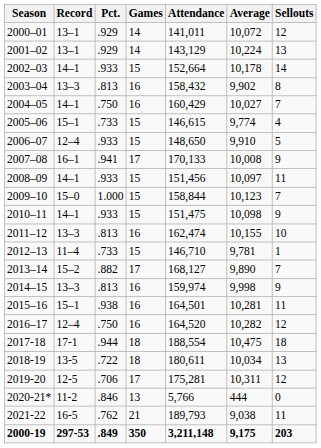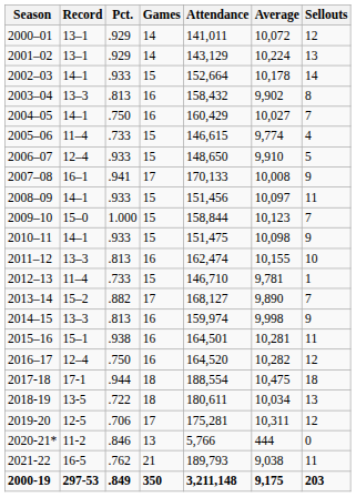 <table class="wikitable sortable">
 <tr>
 <th>Season</th>
 <th>Record</th>
 <th>Pct.</th>
 <th>Games</th>
 <th>Attendance</th>
 <th>Average</th>
 <th>Sellouts</th>
 </tr>
 <tr>
 <td>2000–01</td>
 <td>13–1</td>
 <td>.929</td>
 <td>14</td>
 <td>141,011</td>
 <td>10,072</td>
 <td>12</td>
 </tr>
 <tr>
 <td>2001–02</td>
 <td>13–1</td>
 <td>.929</td>
 <td>14</td>
 <td>143,129</td>
 <td>10,224</td>
 <td>13</td>
 </tr>
 <tr>
 <td>2002–03</td>
 <td>14–1</td>
 <td>.933</td>
 <td>15</td>
 <td>152,664</td>
 <td>10,178</td>
 <td>14</td>
 </tr>
 <tr>
 <td>2003–04</td>
 <td>13–3</td>
 <td>.813</td>
 <td>16</td>
 <td>158,432</td>
 <td>9,902</td>
 <td>8</td>
 </tr>
 <tr>
 <td>2004–05</td>
 <td>14–1</td>
 <td>.750</td>
 <td>16</td>
 <td>160,429</td>
 <td>10,027</td>
 <td>7</td>
 </tr>
 <tr>
 <td>2005–06</td>
-<td>15–1</td>
+<td>11–4</td>
 <td>.733</td>
 <td>15</td>
 <td>146,615</td>
 <td>9,774</td>
 <td>4</td>
 </tr>
 <tr>
 <td>2006–07</td>
 <td>12–4</td>
 <td>.933</td>
 <td>15</td>
 <td>148,650</td>
 <td>9,910</td>
 <td>5</td>
 </tr>
 <tr>
 <td>2007–08</td>
 <td>16–1</td>
 <td>.941</td>
 <td>17</td>
 <td>170,133</td>
 <td>10,008</td>
 <td>9</td>
 </tr>
 <tr>
 <td>2008–09</td>
 <td>14–1</td>
 <td>.933</td>
 <td>15</td>
 <td>151,456</td>
 <td>10,097</td>
 <td>11</td>
 </tr>
 <tr>
 <td>2009–10</td>
 <td>15–0</td>
 <td>1.000</td>
 <td>15</td>
 <td>158,844</td>
 <td>10,123</td>
 <td>7</td>
 </tr>
 <tr>
 <td>2010–11</td>
 <td>14–1</td>
 <td>.933</td>
 <td>15</td>
 <td>151,475</td>
 <td>10,098</td>
 <td>9</td>
 </tr>
 <tr>
 <td>2011–12</td>
 <td>13–3</td>
 <td>.813</td>
 <td>16</td>
 <td>162,474</td>
 <td>10,155</td>
 <td>10</td>
 </tr>
 <tr>
 <td>2012–13</td>
 <td>11–4</td>
 <td>.733</td>
 <td>15</td>
 <td>146,710</td>
 <td>9,781</td>
 <td>1</td>
 </tr>
 <tr>
 <td>2013–14</td>
 <td>15–2</td>
 <td>.882</td>
 <td>17</td>
 <td>168,127</td>
 <td>9,890</td>
 <td>7</td>
 </tr>
 <tr>
 <td>2014–15</td>
 <td>13–3</td>
 <td>.813</td>
 <td>16</td>
 <td>159,974</td>
 <td>9,998</td>
 <td>9</td>
 </tr>
 <tr>
 <td>2015–16</td>
 <td>15–1</td>
 <td>.938</td>
 <td>16</td>
 <td>164,501</td>
 <td>10,281</td>
 <td>11</td>
 </tr>
 <tr>
 <td>2016–17</td>
 <td>12–4</td>
 <td>.750</td>
 <td>16</td>
 <td>164,520</td>
 <td>10,282</td>
 <td>12</td>
 </tr>
 <tr>
 <td>2017-18</td>
 <td>17-1</td>
 <td>.944</td>
 <td>18</td>
 <td>188,554</td>
 <td>10,475</td>
 <td>18</td>
 </tr>
 <tr>
 <td>2018-19</td>
 <td>13-5</td>
 <td>.722</td>
 <td>18</td>
 <td>180,611</td>
 <td>10,034</td>
 <td>13</td>
 </tr>
 <tr>
 <td>2019-20</td>
 <td>12-5</td>
 <td>.706</td>
 <td>17</td>
 <td>175,281</td>
 <td>10,311</td>
 <td>12</td>
 </tr>
 <tr>
 <td>2020-21*</td>
 <td>11-2</td>
 <td>.846</td>
 <td>13</td>
 <td>5,766</td>
 <td>444</td>
 <td>0</td>
 </tr>
 <tr>
 <td>2021-22</td>
 <td>16-5</td>
 <td>.762</td>
 <td>21</td>
 <td>189,793</td>
 <td>9,038</td>
 <td>11</td>
 </tr>
 <tr>
 <td><strong>2000-19</strong></td>
 <td><strong>297-53</strong></td>
 <td><strong>.849</strong></td>
 <td><strong>350</strong></td>
 <td><strong>3,211,148</strong></td>
 <td><strong>9,175</strong></td>
 <td><strong>203</strong></td>
 </tr>
 </table>
